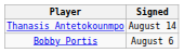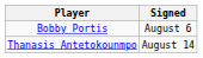 <table class="wikitable sortable sortable">
 <tr>
 <th>Player</th>
 <th>Signed</th>
 </tr>
 <tr style="text-align: center">
+<td><a href='#'>Bobby Portis</a></td>
+<td>August 6</td>
+</tr>
+<tr style="text-align: center">
 <td><a href='#'>Thanasis Antetokounmpo</a></td>
 <td>August 14</td>
 </tr>
-<tr style="text-align: center">
-<td><a href='#'>Bobby Portis</a></td>
-<td>August 6</td>
-</tr>
 </table>
